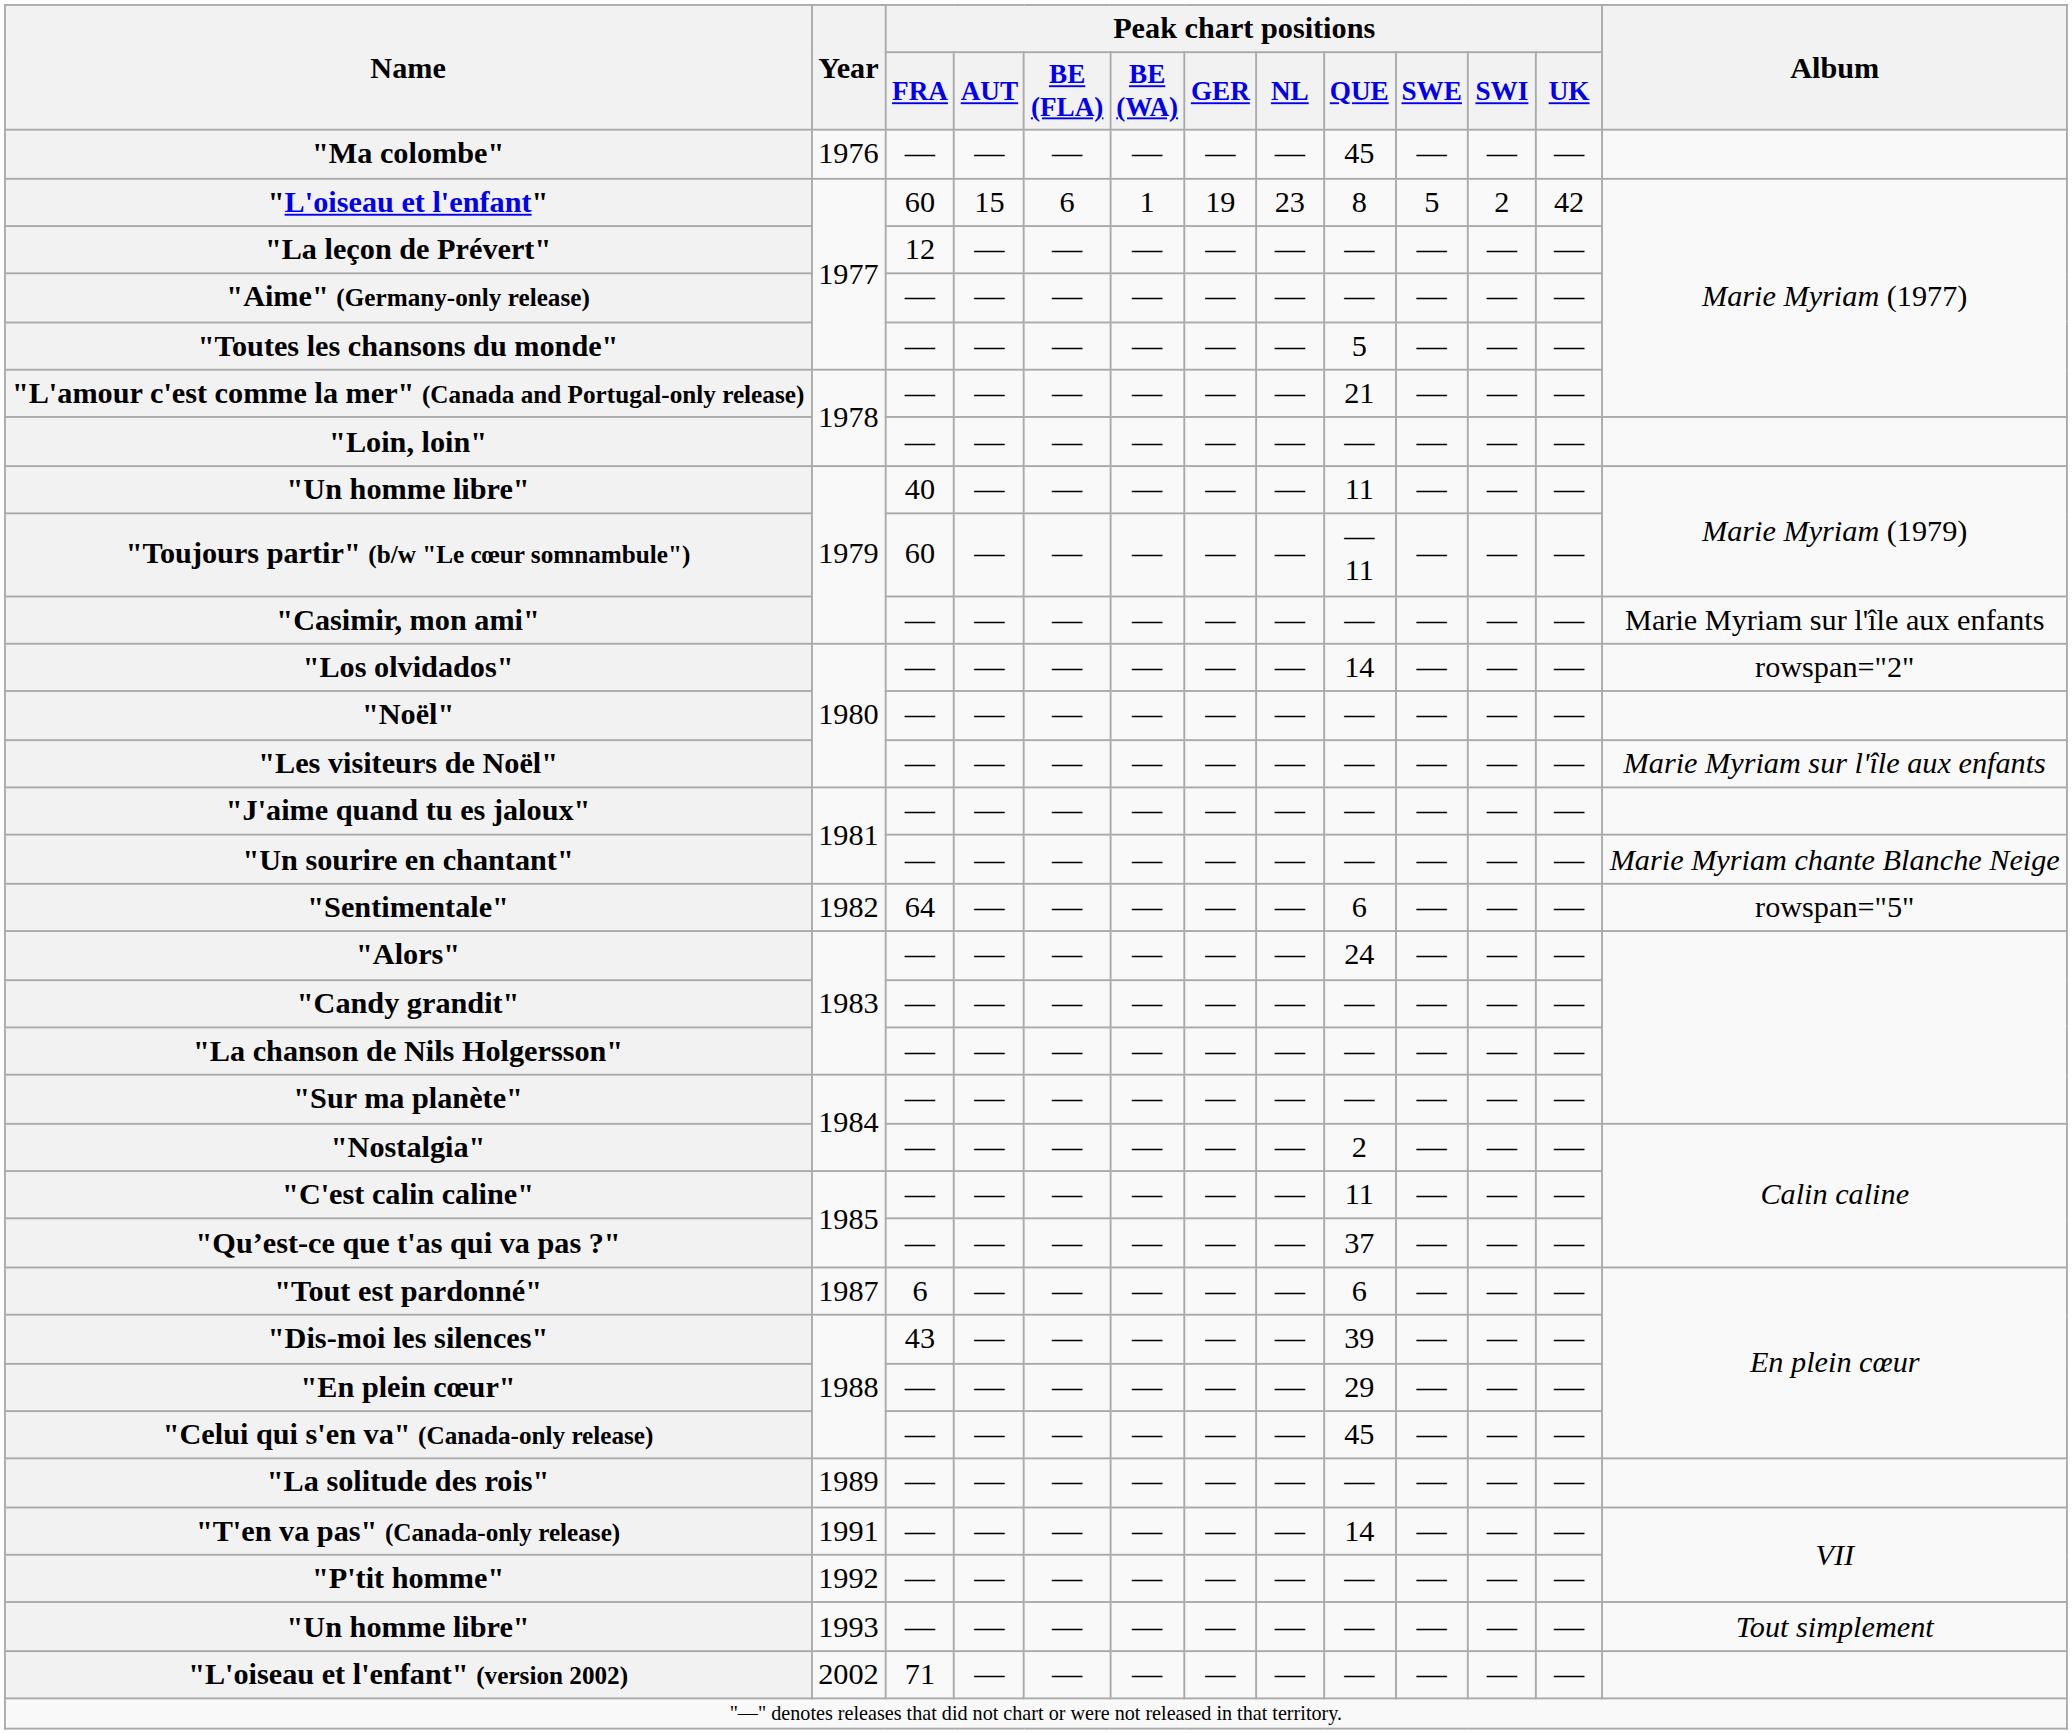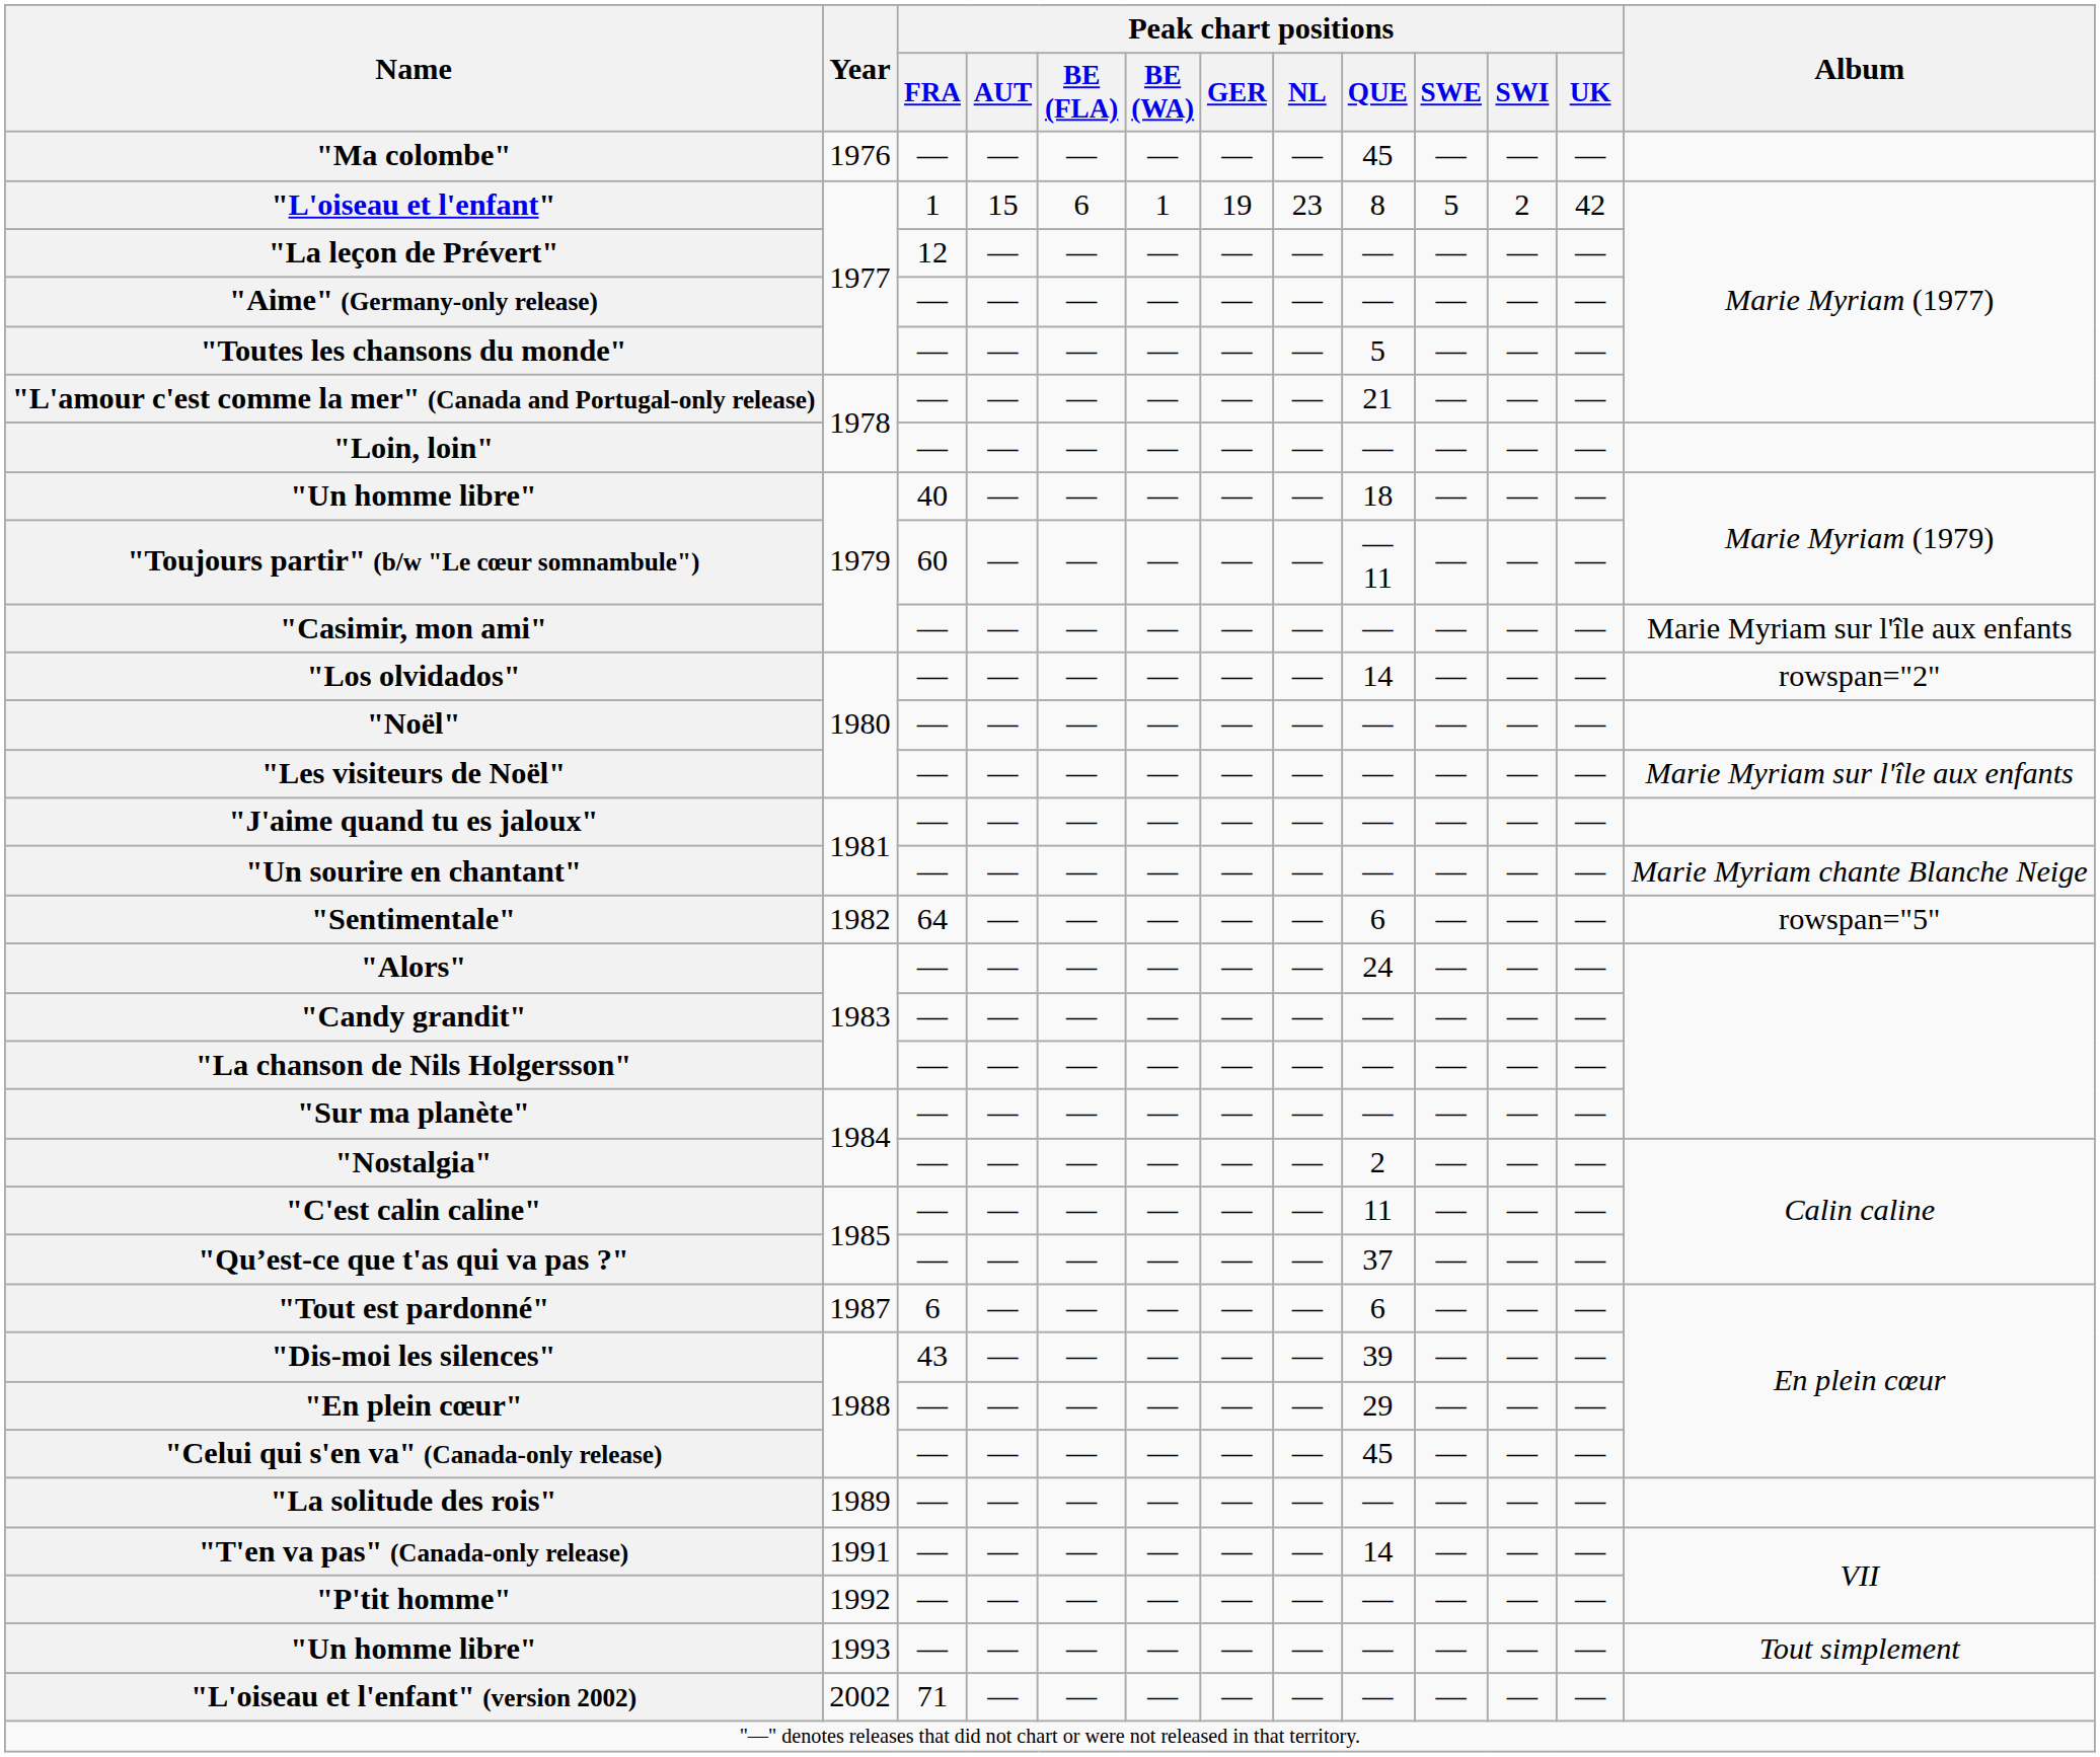 <table class="wikitable plainrowheaders" style="text-align:center;" border="1">
 <tr>
 <th rowspan="2">Name</th>
 <th rowspan="2" style="width:2em;">Year</th>
 <th colspan="10">Peak chart positions</th>
 <th rowspan="2">Album</th>
 </tr>
 <tr>
 <th scope="col" style="width:2em;font-size:90%;"><a href='#'>FRA</a><br></th>
 <th scope="col" style="width:2em;font-size:90%;"><a href='#'>AUT</a><br></th>
 <th scope="col" style="width:2em;font-size:90%;"><a href='#'>BE (FLA)</a><br></th>
 <th scope="col" style="width:2em;font-size:90%;"><a href='#'>BE (WA)</a><br></th>
 <th scope="col" style="width:2em;font-size:90%;"><a href='#'>GER</a><br></th>
 <th scope="col" style="width:2em;font-size:90%;"><a href='#'>NL</a><br></th>
 <th scope="col" style="width:2em;font-size:90%;"><a href='#'>QUE</a><br></th>
 <th scope="col" style="width:2em;font-size:90%;"><a href='#'>SWE</a><br></th>
 <th scope="col" style="width:2em;font-size:90%;"><a href='#'>SWI</a><br></th>
 <th scope="col" style="width:2em;font-size:90%;"><a href='#'>UK</a><br></th>
 </tr>
 <tr>
 <th scope="row">"Ma colombe"</th>
 <td>1976</td>
 <td>—</td>
 <td>—</td>
 <td>—</td>
 <td>—</td>
 <td>—</td>
 <td>—</td>
 <td>45</td>
 <td>—</td>
 <td>—</td>
 <td>—</td>
 <td></td>
 </tr>
 <tr>
 <th scope="row">"<a href='#'>L'oiseau et l'enfant</a>"</th>
 <td rowspan="4">1977</td>
-<td>60</td>
+<td>1</td>
 <td>15</td>
 <td>6</td>
 <td>1</td>
 <td>19</td>
 <td>23</td>
 <td>8</td>
 <td>5</td>
 <td>2</td>
 <td>42</td>
 <td rowspan="5"><em>Marie Myriam</em> (1977)</td>
 </tr>
 <tr>
 <th scope="row">"La leçon de Prévert"</th>
 <td>12</td>
 <td>—</td>
 <td>—</td>
 <td>—</td>
 <td>—</td>
 <td>—</td>
 <td>—</td>
 <td>—</td>
 <td>—</td>
 <td>—</td>
 </tr>
 <tr>
 <th scope="row">"Aime" <small>(Germany-only release)</small></th>
 <td>—</td>
 <td>—</td>
 <td>—</td>
 <td>—</td>
 <td>—</td>
 <td>—</td>
 <td>—</td>
 <td>—</td>
 <td>—</td>
 <td>—</td>
 </tr>
 <tr>
 <th scope="row">"Toutes les chansons du monde"</th>
 <td>—</td>
 <td>—</td>
 <td>—</td>
 <td>—</td>
 <td>—</td>
 <td>—</td>
 <td>5</td>
 <td>—</td>
 <td>—</td>
 <td>—</td>
 </tr>
 <tr>
 <th scope="row">"L'amour c'est comme la mer" <small>(Canada and Portugal-only release)</small></th>
 <td rowspan="2">1978</td>
 <td align="center" valign="center">—</td>
 <td>—</td>
 <td>—</td>
 <td>—</td>
 <td>—</td>
 <td>—</td>
 <td>21</td>
 <td>—</td>
 <td>—</td>
 <td>—</td>
 </tr>
 <tr>
 <th scope="row">"Loin, loin"</th>
 <td>—</td>
 <td>—</td>
 <td>—</td>
 <td>—</td>
 <td>—</td>
 <td>—</td>
 <td>—</td>
 <td>—</td>
 <td>—</td>
 <td>—</td>
 <td></td>
 </tr>
 <tr>
 <th scope="row">"Un homme libre"</th>
 <td rowspan="3">1979</td>
 <td>40</td>
 <td>—</td>
 <td>—</td>
 <td>—</td>
 <td>—</td>
 <td>—</td>
-<td>11</td>
+<td>18</td>
 <td>—</td>
 <td>—</td>
 <td>—</td>
 <td rowspan="2"><em>Marie Myriam</em> (1979)</td>
 </tr>
 <tr>
 <th scope="row">"Toujours partir" <small>(b/w "Le cœur somnambule")</small></th>
 <td>60</td>
 <td>—</td>
 <td>—</td>
 <td>—</td>
 <td>—</td>
 <td>—</td>
 <td>—<br>11</td>
 <td>—</td>
 <td>—</td>
 <td>—</td>
 </tr>
 <tr>
 <th scope="row">"Casimir, mon ami"</th>
 <td>—</td>
 <td>—</td>
 <td>—</td>
 <td>—</td>
 <td>—</td>
 <td>—</td>
 <td>—</td>
 <td>—</td>
 <td>—</td>
 <td>—</td>
 <td>Marie Myriam sur l'île aux enfants</td>
 </tr>
 <tr>
 <th scope="row">"Los olvidados"</th>
 <td rowspan="3">1980</td>
 <td>—</td>
 <td>—</td>
 <td>—</td>
 <td>—</td>
 <td>—</td>
 <td>—</td>
 <td>14</td>
 <td>—</td>
 <td>—</td>
 <td>—</td>
 <td>rowspan="2" </td>
 </tr>
 <tr>
 <th scope="row">"Noël"</th>
 <td>—</td>
 <td>—</td>
 <td>—</td>
 <td>—</td>
 <td>—</td>
 <td>—</td>
 <td>—</td>
 <td>—</td>
 <td>—</td>
 <td>—</td>
 </tr>
 <tr>
 <th scope="row">"Les visiteurs de Noël"</th>
 <td>—</td>
 <td>—</td>
 <td>—</td>
 <td>—</td>
 <td>—</td>
 <td>—</td>
 <td>—</td>
 <td>—</td>
 <td>—</td>
 <td>—</td>
 <td><em>Marie Myriam sur l'île aux enfants</em></td>
 </tr>
 <tr>
 <th scope="row">"J'aime quand tu es jaloux"</th>
 <td rowspan="2">1981</td>
 <td>—</td>
 <td>—</td>
 <td>—</td>
 <td>—</td>
 <td>—</td>
 <td>—</td>
 <td>—</td>
 <td>—</td>
 <td>—</td>
 <td>—</td>
 <td></td>
 </tr>
 <tr>
 <th scope="row">"Un sourire en chantant"</th>
 <td>—</td>
 <td>—</td>
 <td>—</td>
 <td>—</td>
 <td>—</td>
 <td>—</td>
 <td>—</td>
 <td>—</td>
 <td>—</td>
 <td>—</td>
 <td><em>Marie Myriam chante Blanche Neige</em></td>
 </tr>
 <tr>
 <th scope="row">"Sentimentale"</th>
 <td>1982</td>
 <td>64</td>
 <td>—</td>
 <td>—</td>
 <td>—</td>
 <td>—</td>
 <td>—</td>
 <td>6</td>
 <td>—</td>
 <td>—</td>
 <td>—</td>
 <td>rowspan="5" </td>
 </tr>
 <tr>
 <th scope="row">"Alors"</th>
 <td rowspan="3">1983</td>
 <td>—</td>
 <td>—</td>
 <td>—</td>
 <td>—</td>
 <td>—</td>
 <td>—</td>
 <td>24</td>
 <td>—</td>
 <td>—</td>
 <td>—</td>
 </tr>
 <tr>
 <th scope="row">"Candy grandit"</th>
 <td>—</td>
 <td>—</td>
 <td>—</td>
 <td>—</td>
 <td>—</td>
 <td>—</td>
 <td>—</td>
 <td>—</td>
 <td>—</td>
 <td>—</td>
 </tr>
 <tr>
 <th scope="row">"La chanson de Nils Holgersson"</th>
 <td>—</td>
 <td>—</td>
 <td>—</td>
 <td>—</td>
 <td>—</td>
 <td>—</td>
 <td>—</td>
 <td>—</td>
 <td>—</td>
 <td>—</td>
 </tr>
 <tr>
 <th scope="row">"Sur ma planète"</th>
 <td rowspan="2">1984</td>
 <td>—</td>
 <td>—</td>
 <td>—</td>
 <td>—</td>
 <td>—</td>
 <td>—</td>
 <td>—</td>
 <td>—</td>
 <td>—</td>
 <td>—</td>
 </tr>
 <tr>
 <th scope="row">"Nostalgia"</th>
 <td>—</td>
 <td>—</td>
 <td>—</td>
 <td>—</td>
 <td>—</td>
 <td>—</td>
 <td>2</td>
 <td>—</td>
 <td>—</td>
 <td>—</td>
 <td rowspan="3"><em>Calin caline</em></td>
 </tr>
 <tr>
 <th scope="row">"C'est calin caline"</th>
 <td rowspan="2">1985</td>
 <td>—</td>
 <td>—</td>
 <td>—</td>
 <td>—</td>
 <td>—</td>
 <td>—</td>
 <td>11</td>
 <td>—</td>
 <td>—</td>
 <td>—</td>
 </tr>
 <tr>
 <th scope="row">"Qu’est-ce que t'as qui va pas ?"</th>
 <td>—</td>
 <td>—</td>
 <td>—</td>
 <td>—</td>
 <td>—</td>
 <td>—</td>
 <td>37</td>
 <td>—</td>
 <td>—</td>
 <td>—</td>
 </tr>
 <tr>
 <th scope="row">"Tout est pardonné"</th>
 <td>1987</td>
 <td>6</td>
 <td>—</td>
 <td>—</td>
 <td>—</td>
 <td>—</td>
 <td>—</td>
 <td>6</td>
 <td>—</td>
 <td>—</td>
 <td>—</td>
 <td rowspan="4"><em>En plein cœur</em></td>
 </tr>
 <tr>
 <th scope="row">"Dis-moi les silences"</th>
 <td rowspan="3">1988</td>
 <td align="center" valign="center">43</td>
 <td>—</td>
 <td>—</td>
 <td>—</td>
 <td>—</td>
 <td>—</td>
 <td>39</td>
 <td>—</td>
 <td>—</td>
 <td>—</td>
 </tr>
 <tr>
 <th scope="row">"En plein cœur"</th>
 <td>—</td>
 <td>—</td>
 <td>—</td>
 <td>—</td>
 <td>—</td>
 <td>—</td>
 <td>29</td>
 <td>—</td>
 <td>—</td>
 <td>—</td>
 </tr>
 <tr>
 <th scope="row">"Celui qui s'en va" <small>(Canada-only release)</small></th>
 <td>—</td>
 <td>—</td>
 <td>—</td>
 <td>—</td>
 <td>—</td>
 <td>—</td>
 <td>45</td>
 <td>—</td>
 <td>—</td>
 <td>—</td>
 </tr>
 <tr>
 <th scope="row">"La solitude des rois"</th>
 <td>1989</td>
 <td>—</td>
 <td>—</td>
 <td>—</td>
 <td>—</td>
 <td>—</td>
 <td>—</td>
 <td>—</td>
 <td>—</td>
 <td>—</td>
 <td>—</td>
 <td></td>
 </tr>
 <tr>
 <th scope="row">"T'en va pas" <small>(Canada-only release)</small></th>
 <td>1991</td>
 <td>—</td>
 <td>—</td>
 <td>—</td>
 <td>—</td>
 <td>—</td>
 <td>—</td>
 <td>14</td>
 <td>—</td>
 <td>—</td>
 <td>—</td>
 <td rowspan="2"><em>VII</em></td>
 </tr>
 <tr>
 <th scope="row">"P'tit homme"</th>
 <td>1992</td>
 <td>—</td>
 <td>—</td>
 <td>—</td>
 <td>—</td>
 <td>—</td>
 <td>—</td>
 <td>—</td>
 <td>—</td>
 <td>—</td>
 <td>—</td>
 </tr>
 <tr>
 <th scope="row">"Un homme libre"</th>
 <td>1993</td>
 <td>—</td>
 <td>—</td>
 <td>—</td>
 <td>—</td>
 <td>—</td>
 <td>—</td>
 <td>—</td>
 <td>—</td>
 <td>—</td>
 <td>—</td>
 <td><em>Tout simplement</em></td>
 </tr>
 <tr>
 <th scope="row">"L'oiseau et l'enfant" <small>(version 2002)</small></th>
 <td>2002</td>
 <td>71</td>
 <td>—</td>
 <td>—</td>
 <td>—</td>
 <td>—</td>
 <td>—</td>
 <td>—</td>
 <td>—</td>
 <td>—</td>
 <td>—</td>
 <td></td>
 </tr>
 <tr>
 <td colspan="13" style="font-size:8pt">"—" denotes releases that did not chart or were not released in that territory.</td>
 </tr>
 </table>
